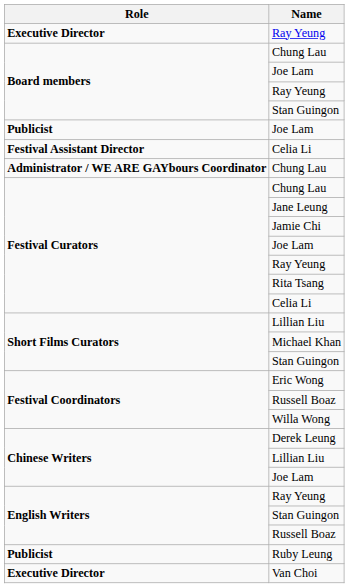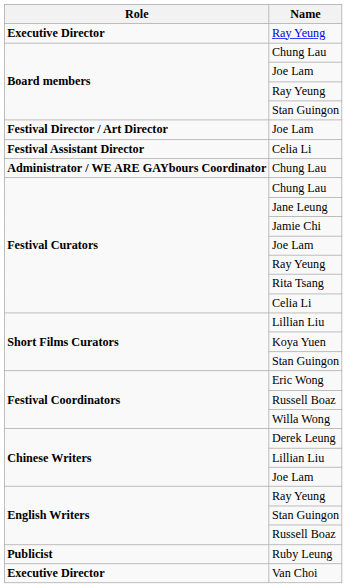 <table class="wikitable">
 <tr>
 <th>Role</th>
 <th>Name</th>
 </tr>
 <tr>
 <td><strong>Executive Director</strong></td>
 <td><a href='#'>Ray Yeung</a></td>
 </tr>
 <tr>
 <td rowspan="4"><strong>Board members</strong></td>
 <td>Chung Lau</td>
 </tr>
 <tr>
 <td>Joe Lam</td>
 </tr>
 <tr>
 <td>Ray Yeung</td>
 </tr>
 <tr>
 <td>Stan Guingon</td>
 </tr>
 <tr>
-<td><strong>Publicist</strong></td>
+<td><strong>Festival Director / Art Director</strong></td>
 <td>Joe Lam</td>
 </tr>
 <tr>
 <td><strong>Festival Assistant Director</strong></td>
 <td>Celia Li</td>
 </tr>
 <tr>
 <td><strong>Administrator</strong> <strong>/ WE ARE GAYbours Coordinator</strong></td>
 <td>Chung Lau</td>
 </tr>
 <tr>
 <td rowspan="7"><strong>Festival Curators</strong></td>
 <td>Chung Lau</td>
 </tr>
 <tr>
 <td>Jane Leung</td>
 </tr>
 <tr>
 <td>Jamie Chi</td>
 </tr>
 <tr>
 <td>Joe Lam</td>
 </tr>
 <tr>
 <td>Ray Yeung</td>
 </tr>
 <tr>
 <td>Rita Tsang</td>
 </tr>
 <tr>
 <td>Celia Li</td>
 </tr>
 <tr>
 <td rowspan="3"><strong>Short Films Curators</strong></td>
 <td>Lillian Liu</td>
 </tr>
 <tr>
-<td>Michael Khan</td>
+<td>Koya Yuen</td>
 </tr>
 <tr>
 <td>Stan Guingon</td>
 </tr>
 <tr>
 <td rowspan="3"><strong>Festival Coordinators</strong></td>
 <td>Eric Wong</td>
 </tr>
 <tr>
 <td>Russell Boaz</td>
 </tr>
 <tr>
 <td>Willa Wong</td>
 </tr>
 <tr>
 <td rowspan="3"><strong>Chinese Writers</strong></td>
 <td>Derek Leung</td>
 </tr>
 <tr>
 <td>Lillian Liu</td>
 </tr>
 <tr>
 <td>Joe Lam</td>
 </tr>
 <tr>
 <td rowspan="3"><strong>English Writers</strong></td>
 <td>Ray Yeung</td>
 </tr>
 <tr>
 <td>Stan Guingon</td>
 </tr>
 <tr>
 <td>Russell Boaz</td>
 </tr>
 <tr>
 <td><strong>Publicist</strong></td>
 <td>Ruby Leung</td>
 </tr>
 <tr>
 <td><strong>Executive Director</strong></td>
 <td>Van Choi</td>
 </tr>
 </table>
